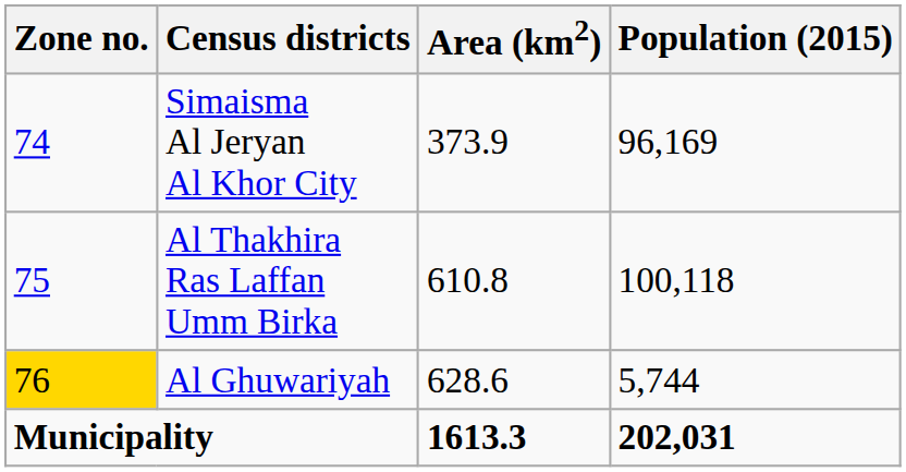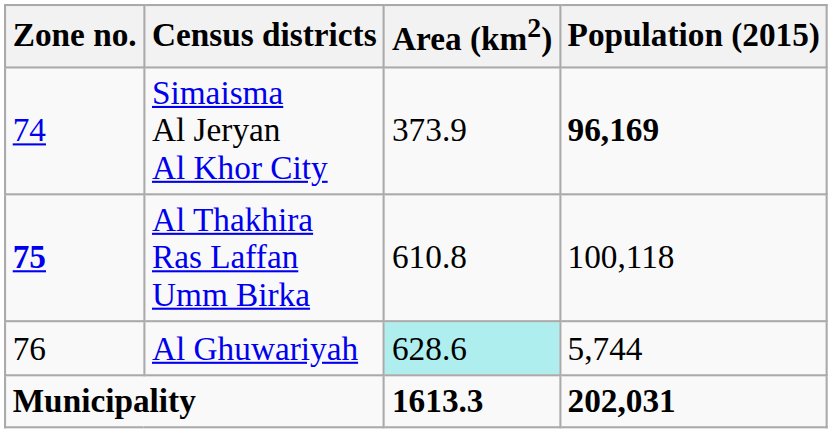 <table class="wikitable">
 <tr>
 <th>Zone no.</th>
 <th>Census districts</th>
 <th>Area (km<sup>2</sup>)</th>
 <th>Population (2015)</th>
 </tr>
 <tr>
 <td><a href='#'>74</a></td>
 <td><a href='#'>Simaisma</a> <br> Al Jeryan <br> <a href='#'>Al Khor City</a></td>
 <td>373.9</td>
-<td>96,169</td>
+<td><strong>96,169</strong></td>
 </tr>
 <tr>
-<td><a href='#'>75</a></td>
+<td><strong><a href='#'>75</a></strong></td>
 <td><a href='#'>Al Thakhira</a> <br> <a href='#'>Ras Laffan</a> <br> <a href='#'>Umm Birka</a></td>
 <td>610.8</td>
 <td>100,118</td>
 </tr>
 <tr>
-<td style="background: gold;">76</td>
+<td>76</td>
 <td><a href='#'>Al Ghuwariyah</a></td>
-<td>628.6</td>
+<td style="background: paleturquoise;">628.6</td>
 <td>5,744</td>
 </tr>
 <tr>
 <td colspan="2"><strong>Municipality</strong></td>
 <td><strong>1613.3</strong></td>
 <td><strong>202,031</strong></td>
 </tr>
 </table>
